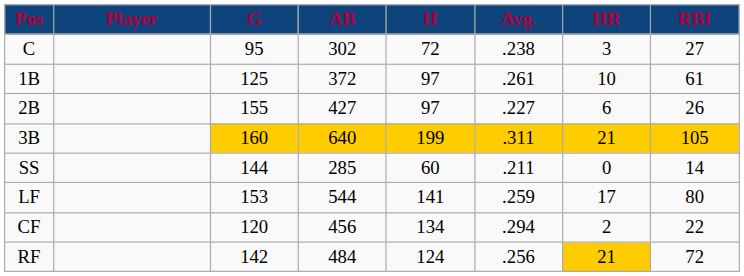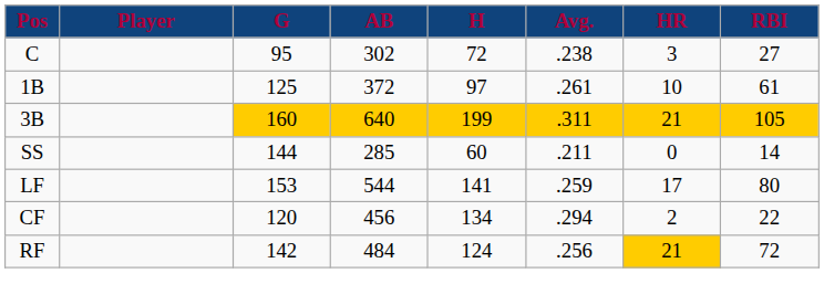 <table class="wikitable sortable">
 <tr>
 <th style="background:#0f437c; color:#af0039; width:5%;">Pos</th>
 <th style="background:#0f437c; color:#af0039; width:16%;">Player</th>
 <th style="background:#0f437c; color:#af0039; width:9%;">G</th>
 <th style="background:#0f437c; color:#af0039; width:9%;">AB</th>
 <th style="background:#0f437c; color:#af0039; width:9%;">H</th>
 <th style="background:#0f437c; color:#af0039; width:9%;">Avg.</th>
 <th style="background:#0f437c; color:#af0039; width:9%;">HR</th>
 <th style="background:#0f437c; color:#af0039; width:9%;">RBI</th>
 </tr>
 <tr style="text-align:center;">
 <td>C</td>
 <td></td>
 <td>95</td>
 <td>302</td>
 <td>72</td>
 <td>.238</td>
 <td>3</td>
 <td>27</td>
 </tr>
 <tr style="text-align:center;">
 <td>1B</td>
 <td></td>
 <td>125</td>
 <td>372</td>
 <td>97</td>
 <td>.261</td>
 <td>10</td>
 <td>61</td>
-</tr>
-<tr style="text-align:center;">
-<td>2B</td>
-<td></td>
-<td>155</td>
-<td>427</td>
-<td>97</td>
-<td>.227</td>
-<td>6</td>
-<td>26</td>
 </tr>
 <tr style="text-align:center;">
 <td>3B</td>
 <td></td>
 <td style="background:#fc0;">160</td>
 <td style="background:#fc0;">640</td>
 <td style="background:#fc0;">199</td>
 <td style="background:#fc0;">.311</td>
 <td style="background:#fc0;">21</td>
 <td style="background:#fc0;">105</td>
 </tr>
 <tr style="text-align:center;">
 <td>SS</td>
 <td></td>
 <td>144</td>
 <td>285</td>
 <td>60</td>
 <td>.211</td>
 <td>0</td>
 <td>14</td>
 </tr>
 <tr style="text-align:center;">
 <td>LF</td>
 <td></td>
 <td>153</td>
 <td>544</td>
 <td>141</td>
 <td>.259</td>
 <td>17</td>
 <td>80</td>
 </tr>
 <tr style="text-align:center;">
 <td>CF</td>
 <td></td>
 <td>120</td>
 <td>456</td>
 <td>134</td>
 <td>.294</td>
 <td>2</td>
 <td>22</td>
 </tr>
 <tr style="text-align:center;">
 <td>RF</td>
 <td></td>
 <td>142</td>
 <td>484</td>
 <td>124</td>
 <td>.256</td>
 <td style="background:#fc0;">21</td>
 <td>72</td>
 </tr>
 </table>
